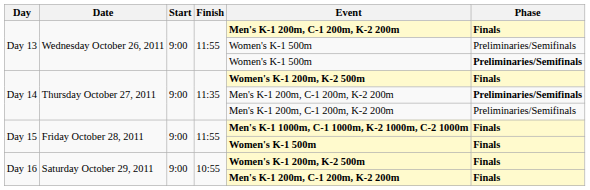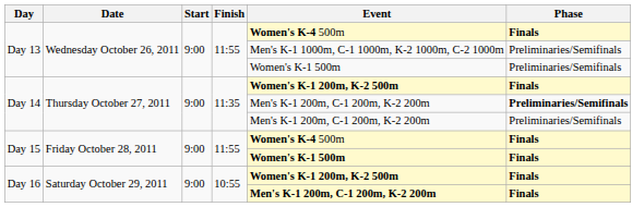 <table class=wikitable>
 <tr>
 <th>Day</th>
 <th>Date</th>
 <th>Start</th>
 <th>Finish</th>
 <th>Event</th>
 <th>Phase</th>
 </tr>
 <tr>
 <td rowspan=3>Day 13</td>
 <td rowspan=3>Wednesday October 26, 2011</td>
 <td rowspan=3>9:00</td>
 <td rowspan=3>11:55</td>
-<td style=background:lemonchiffon><strong>Men's K-1 200m, C-1 200m, K-2 200m</strong></td>
+<td style=background:lemonchiffon><strong>Women's K-4</strong> 500m</td>
 <td style=background:lemonchiffon><strong>Finals</strong></td>
+</tr>
+<tr>
+<td>Men's K-1 1000m, C-1 1000m, K-2 1000m, C-2 1000m</td>
+<td>Preliminaries/Semifinals</td>
 </tr>
 <tr>
 <td>Women's K-1 500m</td>
 <td>Preliminaries/Semifinals</td>
-</tr>
-<tr>
-<td>Women's K-1 500m</td>
-<td><strong>Preliminaries/Semifinals</strong></td>
 </tr>
 <tr>
 <td rowspan=3>Day 14</td>
 <td rowspan=3>Thursday October 27, 2011</td>
 <td rowspan=3>9:00</td>
 <td rowspan=3>11:35</td>
 <td style=background:lemonchiffon><strong>Women's K-1 200m, K-2 500m</strong></td>
 <td style=background:lemonchiffon><strong>Finals</strong></td>
 </tr>
 <tr>
 <td>Men's K-1 200m, C-1 200m, K-2 200m</td>
 <td><strong>Preliminaries/Semifinals</strong></td>
 </tr>
 <tr>
 <td>Men's K-1 200m, C-1 200m, K-2 200m</td>
 <td>Preliminaries/Semifinals</td>
 </tr>
 <tr>
 <td rowspan=2>Day 15</td>
 <td rowspan=2>Friday October 28, 2011</td>
 <td rowspan=2>9:00</td>
 <td rowspan=2>11:55</td>
-<td style=background:lemonchiffon><strong>Men's K-1 1000m, C-1 1000m, K-2 1000m, C-2 1000m</strong></td>
+<td style=background:lemonchiffon><strong>Women's K-4</strong> 500m</td>
 <td style=background:lemonchiffon><strong>Finals</strong></td>
 </tr>
 <tr>
 <td style=background:lemonchiffon><strong>Women's K-1 500m</strong></td>
 <td style=background:lemonchiffon><strong>Finals</strong></td>
 </tr>
 <tr>
 <td rowspan=2>Day 16</td>
 <td rowspan=2>Saturday October 29, 2011</td>
 <td rowspan=2>9:00</td>
 <td rowspan=2>10:55</td>
 <td style=background:lemonchiffon><strong>Women's K-1 200m, K-2 500m</strong></td>
 <td style=background:lemonchiffon><strong>Finals</strong></td>
 </tr>
 <tr>
 <td style=background:lemonchiffon><strong>Men's K-1 200m, C-1 200m, K-2 200m</strong></td>
 <td style=background:lemonchiffon><strong>Finals</strong></td>
 </tr>
 </table>
